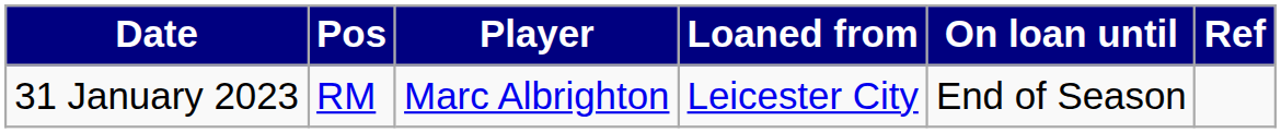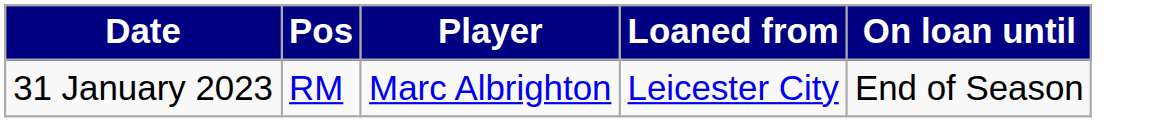 <table class="wikitable plainrowheaders sortable">
 <tr>
 <th style="background:#000080; color:#FFFFFF; ">Date</th>
 <th style="background:#000080; color:#FFFFFF; ">Pos</th>
 <th style="background:#000080; color:#FFFFFF; ">Player</th>
 <th style="background:#000080; color:#FFFFFF; ">Loaned from</th>
 <th style="background:#000080; color:#FFFFFF; ">On loan until</th>
-<th style="background:#000080; color:#FFFFFF; ">Ref</th>
 </tr>
 <tr>
 <td>31 January 2023</td>
 <td><a href='#'>RM</a></td>
 <td> <a href='#'>Marc Albrighton</a></td>
 <td> <a href='#'>Leicester City</a></td>
 <td>End of Season</td>
-<td></td>
 </tr>
 </table>
